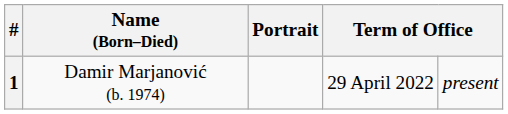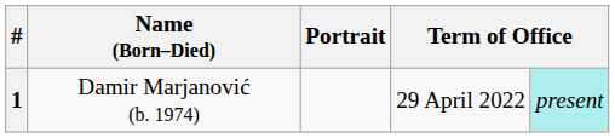 <table class="wikitable" style="text-align:center">
 <tr ->
 <th>#</th>
 <th width=180>Name<br><small>(Born–Died)</small></th>
 <th>Portrait</th>
 <th colspan=2>Term of Office</th>
 </tr>
 <tr ->
 <th align=center style="background: ">1</th>
 <td>Damir Marjanović<br><small>(b. 1974)</small></td>
 <td></td>
 <td>29 April 2022</td>
-<td><em>present</em></td>
+<td style="background: paleturquoise;"><em>present</em></td>
 </tr>
 </table>
